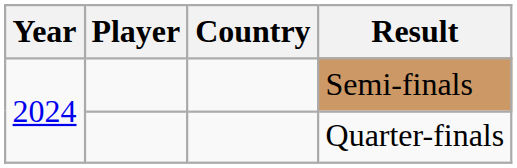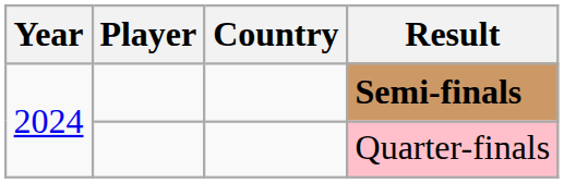 <table class="wikitable sortable" style="font-size:90%;">
 <tr>
 <th>Year</th>
 <th>Player</th>
 <th>Country</th>
 <th>Result</th>
 </tr>
 <tr>
 <td rowspan="2"><a href='#'>2024</a> </td>
 <td></td>
 <td></td>
-<td bgcolor="#cc9966" data-sort-value="1">Semi-finals</td>
+<td bgcolor="#cc9966" data-sort-value="1"><strong>Semi-finals</strong></td>
 </tr>
 <tr>
 <td></td>
 <td></td>
-<td data-sort-value="2">Quarter-finals</td>
+<td data-sort-value="2" style="background: pink;">Quarter-finals</td>
 </tr>
 </table>
